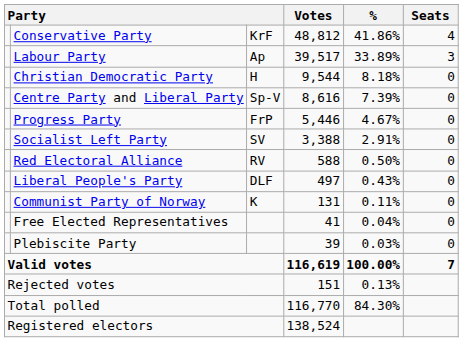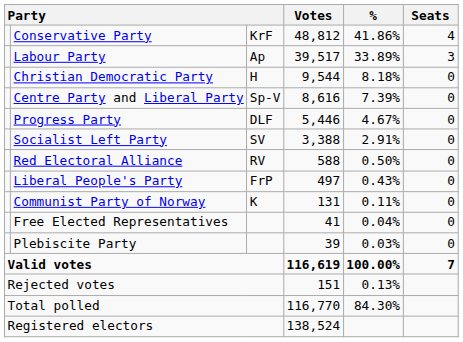 <table class="wikitable" border="1" style="text-align:right;">
 <tr>
 <th style="text-align:left;" colspan=3>Party</th>
 <th align=center width="50">Votes</th>
 <th align=center width="50">%</th>
 <th align=center width="50">Seats</th>
 </tr>
 <tr>
 <td style="color:inherit;background:"></td>
 <td align=left><a href='#'>Conservative Party</a></td>
 <td align=left>KrF</td>
 <td>48,812</td>
 <td>41.86%</td>
 <td>4</td>
 </tr>
 <tr>
 <td style="color:inherit;background:"></td>
 <td align=left><a href='#'>Labour Party</a></td>
 <td align=left>Ap</td>
 <td>39,517</td>
 <td>33.89%</td>
 <td>3</td>
 </tr>
 <tr>
 <td style="color:inherit;background:"></td>
 <td align=left><a href='#'>Christian Democratic Party</a></td>
 <td align=left>H</td>
 <td>9,544</td>
 <td>8.18%</td>
 <td>0</td>
 </tr>
 <tr>
 <td></td>
 <td align=left><a href='#'>Centre Party</a> and <a href='#'>Liberal Party</a></td>
 <td align=left>Sp-V</td>
 <td>8,616</td>
 <td>7.39%</td>
 <td>0</td>
 </tr>
 <tr>
 <td style="color:inherit;background:"></td>
 <td align=left><a href='#'>Progress Party</a></td>
-<td align=left>FrP</td>
+<td align=left>DLF</td>
 <td>5,446</td>
 <td>4.67%</td>
 <td>0</td>
 </tr>
 <tr>
 <td style="color:inherit;background:"></td>
 <td align=left><a href='#'>Socialist Left Party</a></td>
 <td align=left>SV</td>
 <td>3,388</td>
 <td>2.91%</td>
 <td>0</td>
 </tr>
 <tr>
 <td style="color:inherit;background:"></td>
 <td align=left><a href='#'>Red Electoral Alliance</a></td>
 <td align=left>RV</td>
 <td>588</td>
 <td>0.50%</td>
 <td>0</td>
 </tr>
 <tr>
 <td style="color:inherit;background:"></td>
 <td align=left><a href='#'>Liberal People's Party</a></td>
-<td align=left>DLF</td>
+<td align=left>FrP</td>
 <td>497</td>
 <td>0.43%</td>
 <td>0</td>
 </tr>
 <tr>
 <td style="color:inherit;background:"></td>
 <td align=left><a href='#'>Communist Party of Norway</a></td>
 <td align=left>K</td>
 <td>131</td>
 <td>0.11%</td>
 <td>0</td>
 </tr>
 <tr>
 <td></td>
 <td align=left>Free Elected Representatives</td>
 <td align=left></td>
 <td>41</td>
 <td>0.04%</td>
 <td>0</td>
 </tr>
 <tr>
 <td></td>
 <td align=left>Plebiscite Party</td>
 <td align=left></td>
 <td>39</td>
 <td>0.03%</td>
 <td>0</td>
 </tr>
 <tr style="font-weight:bold">
 <td align=left colspan=3>Valid votes</td>
 <td>116,619</td>
 <td>100.00%</td>
 <td>7</td>
 </tr>
 <tr>
 <td align=left colspan=3>Rejected votes</td>
 <td>151</td>
 <td>0.13%</td>
 <td></td>
 </tr>
 <tr>
 <td align=left colspan=3>Total polled</td>
 <td>116,770</td>
 <td>84.30%</td>
 <td></td>
 </tr>
 <tr>
 <td align=left colspan=3>Registered electors</td>
 <td>138,524</td>
 <td></td>
 <td></td>
 </tr>
 </table>
